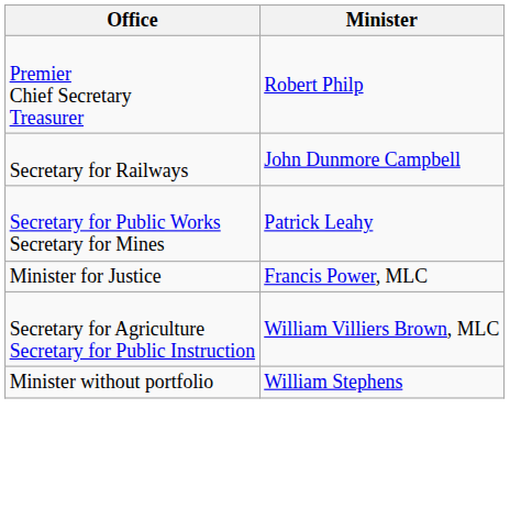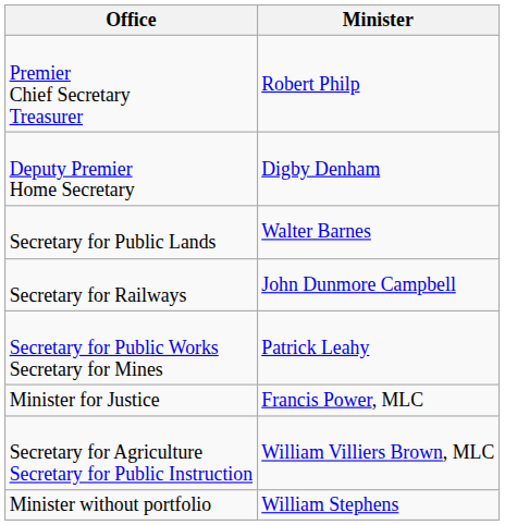 <table class="wikitable">
 <tr>
 <th>Office</th>
 <th>Minister</th>
 </tr>
 <tr>
 <td><br><a href='#'>Premier</a><br> Chief Secretary<br> <a href='#'>Treasurer</a><br></td>
 <td><a href='#'>Robert Philp</a></td>
+</tr>
+<tr>
+<td><br><a href='#'>Deputy Premier</a><br> Home Secretary<br></td>
+<td><a href='#'>Digby Denham</a></td>
+</tr>
+<tr>
+<td><br>Secretary for Public Lands<br></td>
+<td><a href='#'>Walter Barnes</a></td>
 </tr>
 <tr>
 <td><br>Secretary for Railways</td>
 <td><a href='#'>John Dunmore Campbell</a></td>
 </tr>
 <tr>
 <td><br><a href='#'>Secretary for Public Works</a><br> Secretary for Mines</td>
 <td><a href='#'>Patrick Leahy</a></td>
 </tr>
 <tr>
 <td>Minister for Justice</td>
 <td><a href='#'>Francis Power</a>, MLC</td>
 </tr>
 <tr>
 <td><br>Secretary for Agriculture<br> <a href='#'>Secretary for Public Instruction</a><br></td>
 <td><a href='#'>William Villiers Brown</a>, MLC</td>
 </tr>
 <tr>
 <td>Minister without portfolio</td>
 <td><a href='#'>William Stephens</a></td>
 </tr>
 </table>
